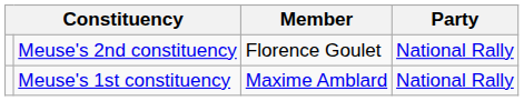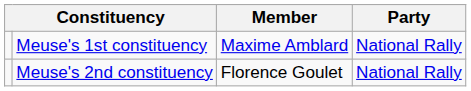 <table class="wikitable">
 <tr>
 <th colspan="2">Constituency</th>
 <th>Member</th>
 <th>Party</th>
 </tr>
 <tr>
 <td style="background-color: "></td>
+<td><a href='#'>Meuse's 1st constituency</a></td>
+<td><a href='#'>Maxime Amblard</a></td>
+<td><a href='#'>National Rally</a></td>
+</tr>
+<tr>
+<td style="background-color: "></td>
 <td><a href='#'>Meuse's 2nd constituency</a></td>
 <td>Florence Goulet</td>
 <td><a href='#'>National Rally</a></td>
 </tr>
-<tr>
-<td style="background-color: "></td>
-<td><a href='#'>Meuse's 1st constituency</a></td>
-<td><a href='#'>Maxime Amblard</a></td>
-<td><a href='#'>National Rally</a></td>
-</tr>
 </table>
